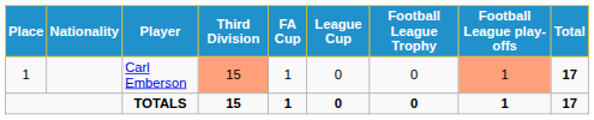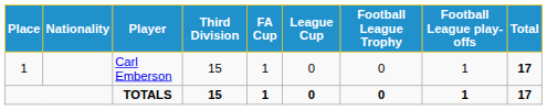 <table class="wikitable" style="text-align:center; font-size:90%; width:100%;">
 <tr>
 <th style="background:#2191CC; color:white; border:1px solid #F7C408; text-align:center;">Place</th>
 <th style="background:#2191CC; color:white; border:1px solid #F7C408; text-align:center;">Nationality</th>
 <th style="background:#2191CC; color:white; border:1px solid #F7C408; text-align:center;">Player</th>
 <th style="background:#2191CC; color:white; border:1px solid #F7C408; text-align:center;">Third Division</th>
 <th style="background:#2191CC; color:white; border:1px solid #F7C408; text-align:center;">FA Cup</th>
 <th style="background:#2191CC; color:white; border:1px solid #F7C408; text-align:center;">League Cup</th>
 <th style="background:#2191CC; color:white; border:1px solid #F7C408; text-align:center;">Football League Trophy</th>
 <th style="background:#2191CC; color:white; border:1px solid #F7C408; text-align:center;">Football League play-offs</th>
 <th style="background:#2191CC; color:white; border:1px solid #F7C408; text-align:center;">Total</th>
 </tr>
 <tr>
 <td>1</td>
 <td></td>
 <td align="left"><a href='#'>Carl Emberson</a></td>
-<td style="background: lightsalmon;">15</td>
+<td>15</td>
 <td>1</td>
 <td>0</td>
 <td>0</td>
-<td style="background: lightsalmon;">1</td>
+<td>1</td>
 <td><strong>17</strong></td>
 </tr>
 <tr>
 <td colspan="2"></td>
 <td><strong>TOTALS</strong></td>
 <td><strong>15</strong></td>
 <td><strong>1</strong></td>
 <td><strong>0</strong></td>
 <td><strong>0</strong></td>
 <td><strong>1</strong></td>
 <td><strong>17</strong></td>
 </tr>
 </table>
